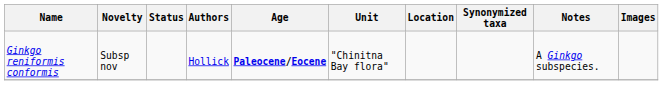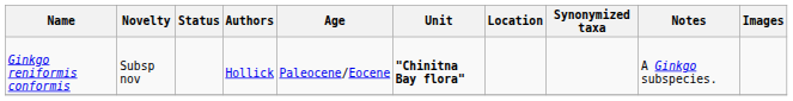 <table class="wikitable sortable" align="center" width="100%">
 <tr>
 <th>Name</th>
 <th>Novelty</th>
 <th>Status</th>
 <th>Authors</th>
 <th>Age</th>
 <th>Unit</th>
 <th>Location</th>
 <th>Synonymized taxa</th>
 <th>Notes</th>
 <th>Images</th>
 </tr>
 <tr>
 <td><br><em><a href='#'>Ginkgo reniformis conformis</a></em></td>
 <td><br>Subsp nov</td>
 <td></td>
 <td><br><a href='#'>Hollick</a></td>
-<td><strong><br><a href='#'>Paleocene</a>/<a href='#'>Eocene</a></strong></td>
-<td><br>"Chinitna Bay flora"</td>
+<td><br><a href='#'>Paleocene</a>/<a href='#'>Eocene</a></td>
+<td><strong><br>"Chinitna Bay flora"</strong></td>
 <td><br><br></td>
 <td></td>
 <td><br>A <em><a href='#'>Ginkgo</a></em> subspecies.</td>
 <td></td>
 </tr>
 <tr>
 </tr>
 </table>
